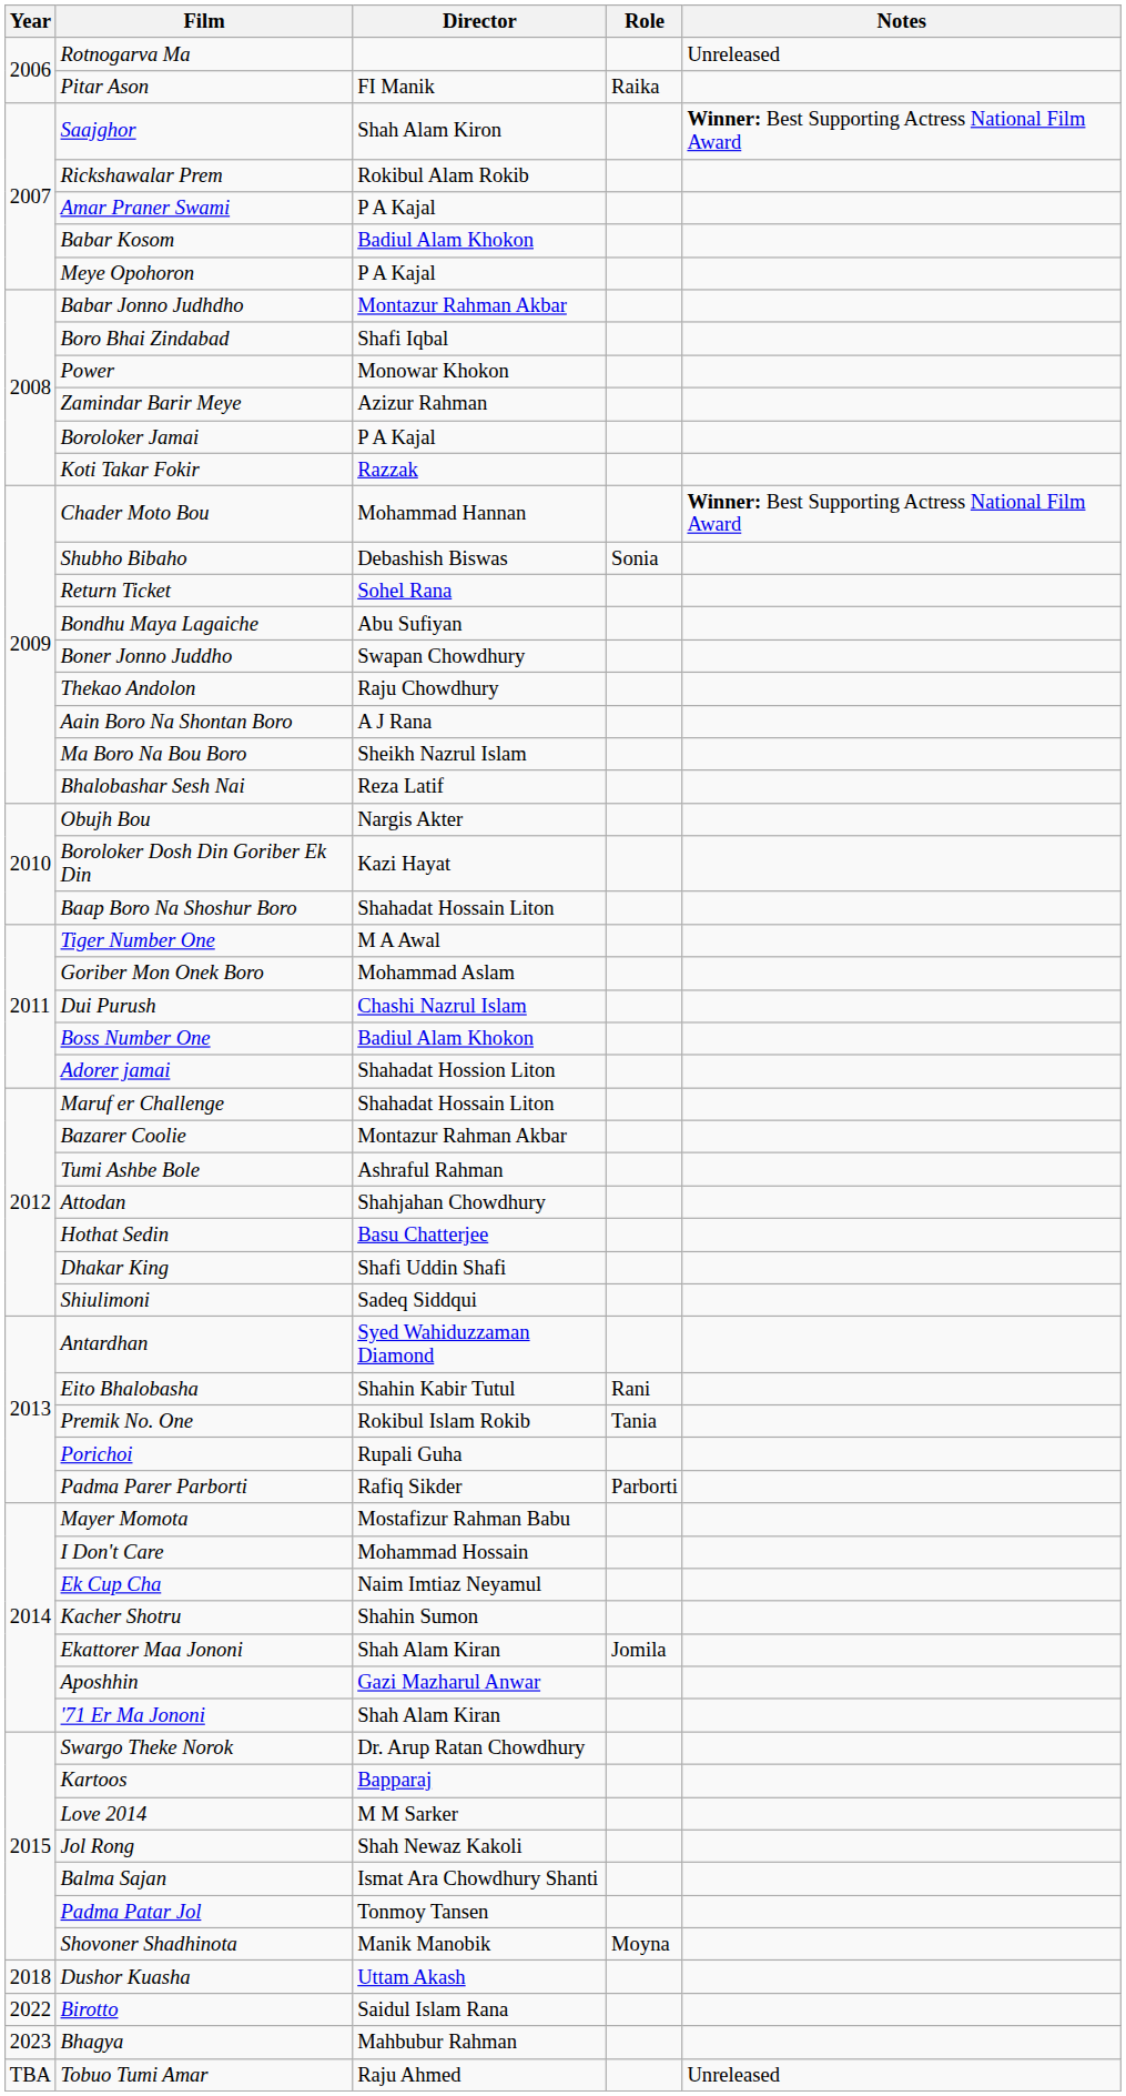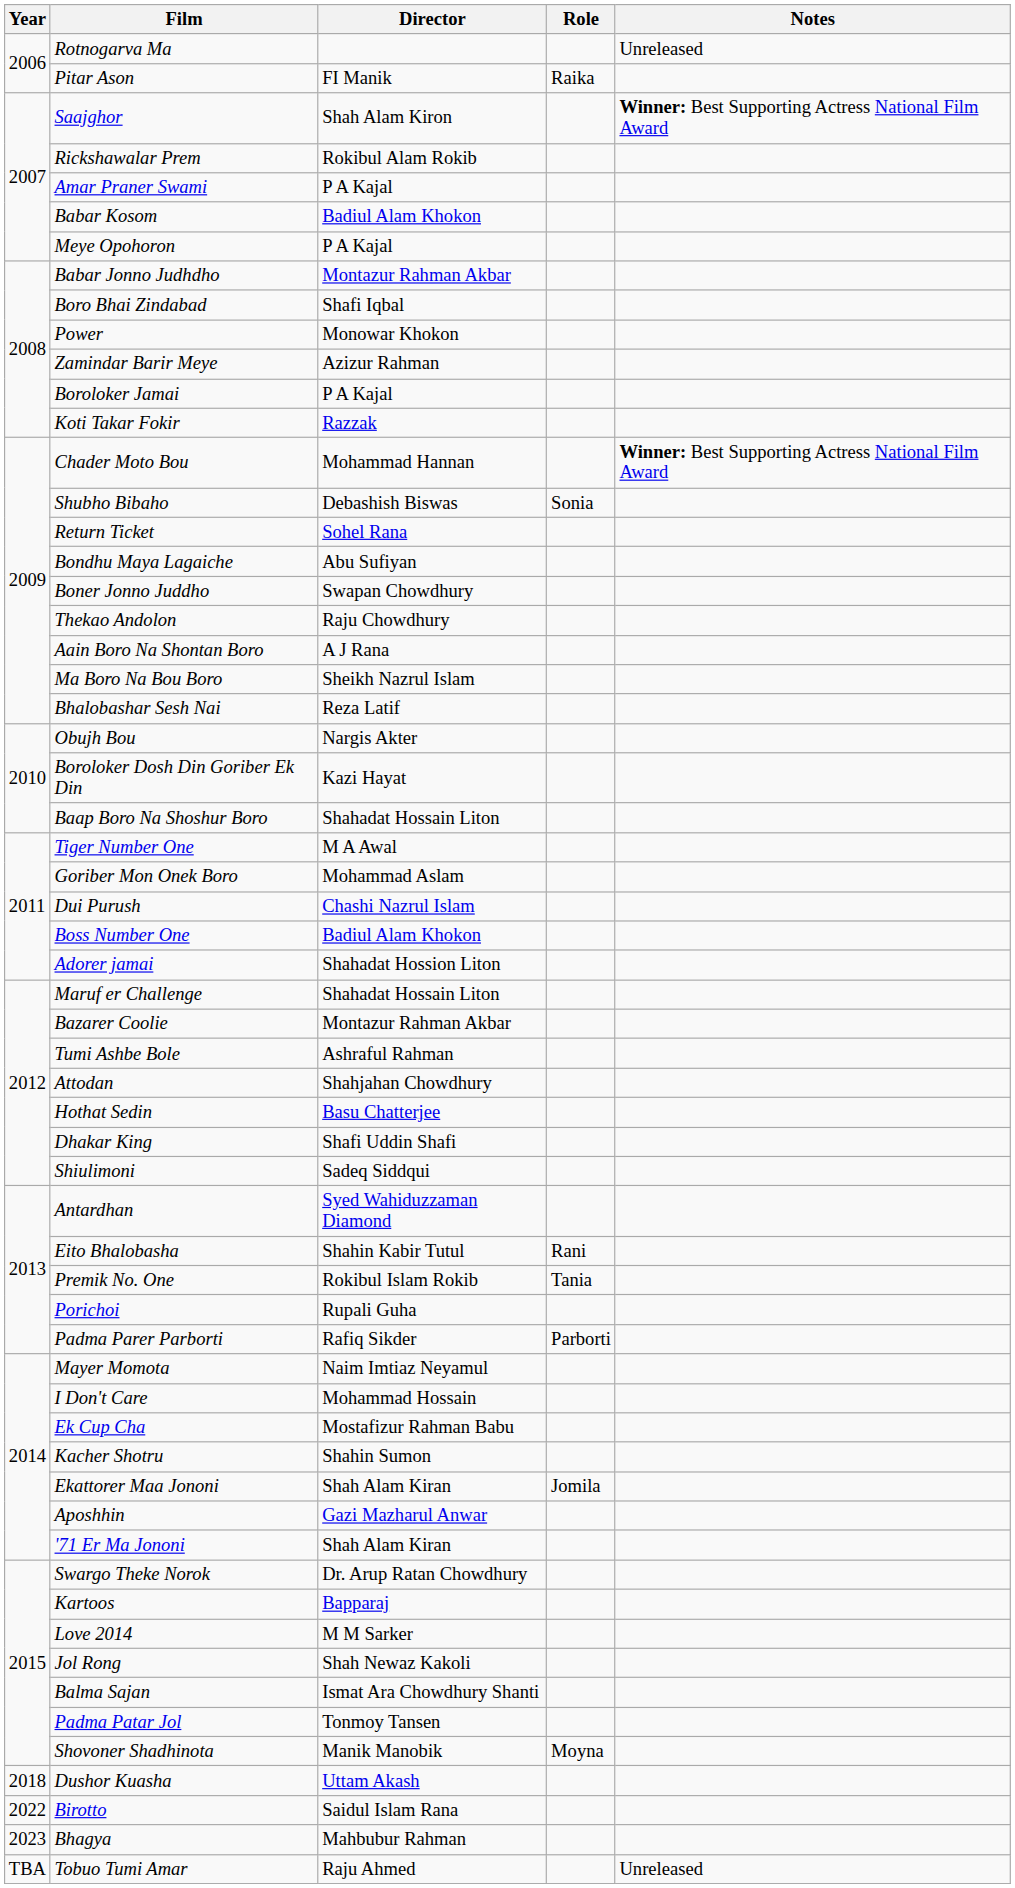 <table class="wikitable">
 <tr>
 <th>Year</th>
 <th>Film</th>
 <th>Director</th>
 <th>Role</th>
 <th>Notes</th>
 </tr>
 <tr>
 <td rowspan=2>2006</td>
 <td><em>Rotnogarva Ma</em></td>
 <td></td>
 <td></td>
 <td>Unreleased</td>
 </tr>
 <tr>
 <td><em>Pitar Ason</em></td>
 <td>FI Manik</td>
 <td>Raika</td>
 <td></td>
 </tr>
 <tr>
 <td rowspan=5>2007</td>
 <td><em><a href='#'>Saajghor</a></em></td>
 <td>Shah Alam Kiron</td>
 <td></td>
 <td><strong>Winner:</strong> Best Supporting Actress <a href='#'>National Film Award</a></td>
 </tr>
 <tr>
 <td><em>Rickshawalar Prem</em></td>
 <td>Rokibul Alam Rokib</td>
 <td></td>
 <td></td>
 </tr>
 <tr>
 <td><em><a href='#'>Amar Praner Swami</a></em></td>
 <td>P A Kajal</td>
 <td></td>
 <td></td>
 </tr>
 <tr>
 <td><em>Babar Kosom</em></td>
 <td><a href='#'>Badiul Alam Khokon</a></td>
 <td></td>
 <td></td>
 </tr>
 <tr>
 <td><em>Meye Opohoron</em></td>
 <td>P A Kajal</td>
 <td></td>
 <td></td>
 </tr>
 <tr>
 <td rowspan=6>2008</td>
 <td><em>Babar Jonno Judhdho</em></td>
 <td><a href='#'>Montazur Rahman Akbar</a></td>
 <td></td>
 <td></td>
 </tr>
 <tr>
 <td><em>Boro Bhai Zindabad</em></td>
 <td>Shafi Iqbal</td>
 <td></td>
 <td></td>
 </tr>
 <tr>
 <td><em>Power</em></td>
 <td>Monowar Khokon</td>
 <td></td>
 <td></td>
 </tr>
 <tr>
 <td><em>Zamindar Barir Meye</em></td>
 <td>Azizur Rahman</td>
 <td></td>
 <td></td>
 </tr>
 <tr>
 <td><em>Boroloker Jamai</em></td>
 <td>P A Kajal</td>
 <td></td>
 <td></td>
 </tr>
 <tr>
 <td><em>Koti Takar Fokir</em></td>
 <td><a href='#'>Razzak</a></td>
 <td></td>
 <td></td>
 </tr>
 <tr>
 <td rowspan=9>2009</td>
 <td><em>Chader Moto Bou</em></td>
 <td>Mohammad Hannan</td>
 <td></td>
 <td><strong>Winner:</strong> Best Supporting Actress <a href='#'>National Film Award</a></td>
 </tr>
 <tr>
 <td><em>Shubho Bibaho</em></td>
 <td>Debashish Biswas</td>
 <td>Sonia</td>
 <td></td>
 </tr>
 <tr>
 <td><em>Return Ticket</em></td>
 <td><a href='#'>Sohel Rana</a></td>
 <td></td>
 <td></td>
 </tr>
 <tr>
 <td><em>Bondhu Maya Lagaiche</em></td>
 <td>Abu Sufiyan</td>
 <td></td>
 <td></td>
 </tr>
 <tr>
 <td><em>Boner Jonno Juddho</em></td>
 <td>Swapan Chowdhury</td>
 <td></td>
 <td></td>
 </tr>
 <tr>
 <td><em>Thekao Andolon</em></td>
 <td>Raju Chowdhury</td>
 <td></td>
 <td></td>
 </tr>
 <tr>
 <td><em>Aain Boro Na Shontan Boro</em></td>
 <td>A J Rana</td>
 <td></td>
 <td></td>
 </tr>
 <tr>
 <td><em>Ma Boro Na Bou Boro</em></td>
 <td>Sheikh Nazrul Islam</td>
 <td></td>
 <td></td>
 </tr>
 <tr>
 <td><em>Bhalobashar Sesh Nai</em></td>
 <td>Reza Latif</td>
 <td></td>
 <td></td>
 </tr>
 <tr>
 <td rowspan=3>2010</td>
 <td><em>Obujh Bou</em></td>
 <td>Nargis Akter</td>
 <td></td>
 <td></td>
 </tr>
 <tr>
 <td><em>Boroloker Dosh Din Goriber Ek Din</em></td>
 <td>Kazi Hayat</td>
 <td></td>
 <td></td>
 </tr>
 <tr>
 <td><em>Baap Boro Na Shoshur Boro</em></td>
 <td>Shahadat Hossain Liton</td>
 <td></td>
 <td></td>
 </tr>
 <tr>
 <td rowspan=5>2011</td>
 <td><em><a href='#'>Tiger Number One</a></em></td>
 <td>M A Awal</td>
 <td></td>
 <td></td>
 </tr>
 <tr>
 <td><em>Goriber Mon Onek Boro</em></td>
 <td>Mohammad Aslam</td>
 <td></td>
 <td></td>
 </tr>
 <tr>
 <td><em>Dui Purush</em></td>
 <td><a href='#'>Chashi Nazrul Islam</a></td>
 <td></td>
 <td></td>
 </tr>
 <tr>
 <td><em><a href='#'>Boss Number One</a></em></td>
 <td><a href='#'>Badiul Alam Khokon</a></td>
 <td></td>
 <td></td>
 </tr>
 <tr>
 <td><em><a href='#'>Adorer jamai</a></em></td>
 <td>Shahadat Hossion Liton</td>
 <td></td>
 <td></td>
 </tr>
 <tr>
 <td rowspan=7>2012</td>
 <td><em>Maruf er Challenge</em></td>
 <td>Shahadat Hossain Liton</td>
 <td></td>
 <td></td>
 </tr>
 <tr>
 <td><em>Bazarer Coolie</em></td>
 <td>Montazur Rahman Akbar</td>
 <td></td>
 <td></td>
 </tr>
 <tr>
 <td><em>Tumi Ashbe Bole</em></td>
 <td>Ashraful Rahman</td>
 <td></td>
 <td></td>
 </tr>
 <tr>
 <td><em>Attodan</em></td>
 <td>Shahjahan Chowdhury</td>
 <td></td>
 <td></td>
 </tr>
 <tr>
 <td><em>Hothat Sedin</em></td>
 <td><a href='#'>Basu Chatterjee</a></td>
 <td></td>
 <td></td>
 </tr>
 <tr>
 <td><em>Dhakar King</em></td>
 <td>Shafi Uddin Shafi</td>
 <td></td>
 <td></td>
 </tr>
 <tr>
 <td><em>Shiulimoni</em></td>
 <td>Sadeq Siddqui</td>
 <td></td>
 <td></td>
 </tr>
 <tr>
 <td rowspan="5">2013</td>
 <td><em>Antardhan </em></td>
 <td><a href='#'>Syed Wahiduzzaman Diamond</a></td>
 <td></td>
 <td></td>
 </tr>
 <tr>
 <td><em>Eito Bhalobasha </em></td>
 <td>Shahin Kabir Tutul</td>
 <td>Rani</td>
 <td></td>
 </tr>
 <tr>
 <td><em>Premik No. One </em></td>
 <td>Rokibul Islam Rokib</td>
 <td>Tania</td>
 <td></td>
 </tr>
 <tr>
 <td><em><a href='#'>Porichoi</a></em></td>
 <td>Rupali Guha</td>
 <td></td>
 <td></td>
 </tr>
 <tr>
 <td><em>Padma Parer Parborti</em></td>
 <td>Rafiq Sikder</td>
 <td>Parborti</td>
 <td></td>
 </tr>
 <tr>
 <td rowspan="7">2014</td>
 <td><em>Mayer Momota</em></td>
-<td>Mostafizur Rahman Babu</td>
+<td>Naim Imtiaz Neyamul</td>
 <td></td>
 <td></td>
 </tr>
 <tr>
 <td><em>I Don't Care</em></td>
 <td>Mohammad Hossain</td>
 <td></td>
 <td></td>
 </tr>
 <tr>
 <td><em><a href='#'>Ek Cup Cha</a></em></td>
-<td>Naim Imtiaz Neyamul</td>
+<td>Mostafizur Rahman Babu</td>
 <td></td>
 <td></td>
 </tr>
 <tr>
 <td><em>Kacher Shotru</em></td>
 <td>Shahin Sumon</td>
 <td></td>
 <td></td>
 </tr>
 <tr>
 <td><em>Ekattorer Maa Jononi</em></td>
 <td>Shah Alam Kiran</td>
 <td>Jomila</td>
 <td></td>
 </tr>
 <tr>
 <td><em>Aposhhin</em></td>
 <td><a href='#'>Gazi Mazharul Anwar</a></td>
 <td></td>
 <td></td>
 </tr>
 <tr>
 <td><a href='#'><em>'71 Er Ma Jononi</em></a></td>
 <td>Shah Alam Kiran</td>
 <td></td>
 <td></td>
 </tr>
 <tr>
 <td rowspan="7">2015</td>
 <td><em>Swargo Theke Norok</em></td>
 <td>Dr. Arup Ratan Chowdhury</td>
 <td></td>
 <td></td>
 </tr>
 <tr>
 <td><em>Kartoos</em></td>
 <td><a href='#'>Bapparaj</a></td>
 <td></td>
 <td></td>
 </tr>
 <tr>
 <td><em>Love 2014</em></td>
 <td>M M Sarker</td>
 <td></td>
 <td></td>
 </tr>
 <tr>
 <td><em>Jol Rong</em></td>
 <td>Shah Newaz Kakoli</td>
 <td></td>
 <td></td>
 </tr>
 <tr>
 <td><em>Balma Sajan</em></td>
 <td>Ismat Ara Chowdhury Shanti</td>
 <td></td>
 <td></td>
 </tr>
 <tr>
 <td><em><a href='#'>Padma Patar Jol</a></em></td>
 <td>Tonmoy Tansen</td>
 <td></td>
 <td></td>
 </tr>
 <tr>
 <td><em>Shovoner Shadhinota</em></td>
 <td>Manik Manobik</td>
 <td>Moyna</td>
 <td></td>
 </tr>
 <tr>
 <td>2018</td>
 <td><em>Dushor Kuasha</em></td>
 <td><a href='#'>Uttam Akash</a></td>
 <td></td>
 <td></td>
 </tr>
 <tr>
 <td>2022</td>
 <td><em><a href='#'>Birotto</a></em></td>
 <td>Saidul Islam Rana</td>
 <td></td>
 <td></td>
 </tr>
 <tr>
 <td>2023</td>
 <td><em>Bhagya</em></td>
 <td>Mahbubur Rahman</td>
 <td></td>
 <td></td>
 </tr>
 <tr>
 <td>TBA</td>
 <td><em>Tobuo Tumi Amar</em></td>
 <td>Raju Ahmed</td>
 <td></td>
 <td>Unreleased </td>
 </tr>
 <tr>
 </tr>
 </table>
